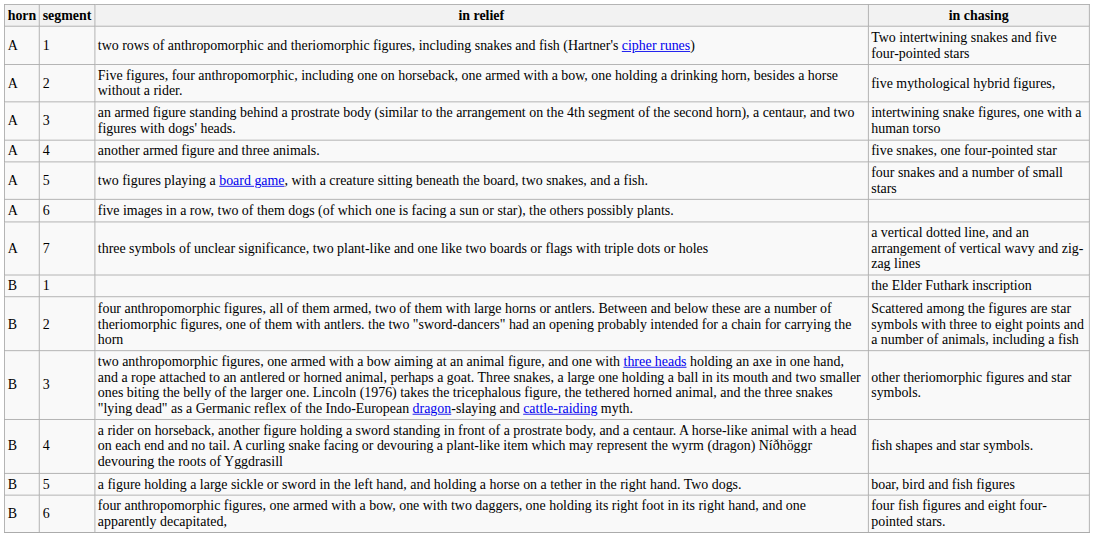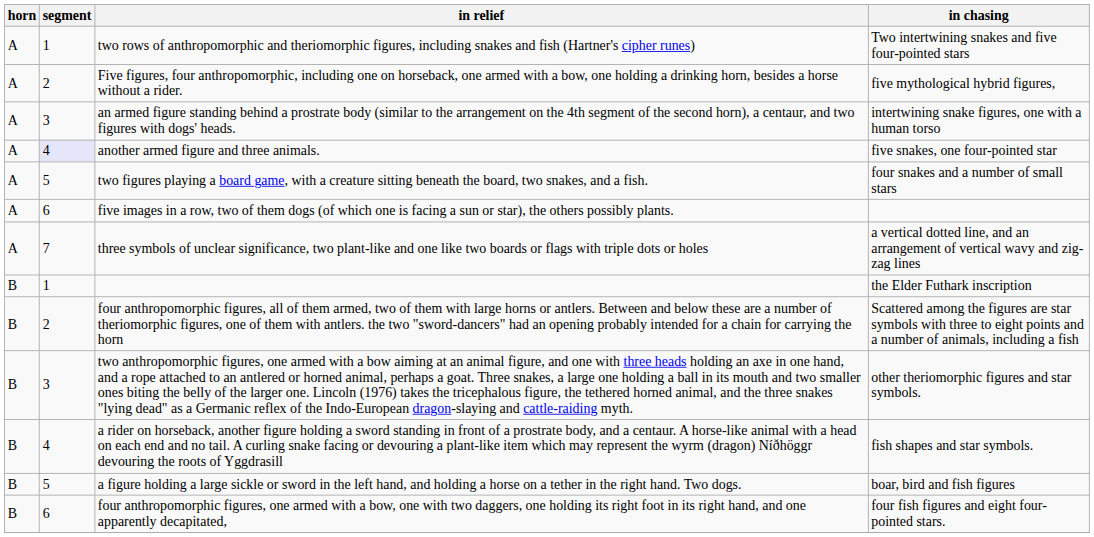 <table class="wikitable">
 <tr>
 <th>horn</th>
 <th>segment</th>
 <th>in relief</th>
 <th>in chasing</th>
 </tr>
 <tr>
 <td>A</td>
 <td>1</td>
 <td>two rows of   anthropomorphic and theriomorphic figures, including snakes and fish (Hartner's <a href='#'>cipher runes</a>)</td>
 <td>Two intertwining snakes and five four-pointed stars</td>
 </tr>
 <tr>
 <td>A</td>
 <td>2</td>
 <td>Five figures, four anthropomorphic, including one on horseback, one armed with a bow, one holding a drinking horn, besides a horse without a rider.</td>
 <td>five mythological hybrid figures,</td>
 </tr>
 <tr>
 <td>A</td>
 <td>3</td>
 <td>an armed figure standing behind a prostrate body (similar to the arrangement on the 4th segment of the second horn), a centaur, and two figures with dogs' heads.</td>
 <td>intertwining snake figures, one with a human torso</td>
 </tr>
 <tr>
 <td>A</td>
-<td>4</td>
+<td style="background: lavender;">4</td>
 <td>another armed figure and three animals.</td>
 <td>five snakes, one four-pointed star</td>
 </tr>
 <tr>
 <td>A</td>
 <td>5</td>
 <td>two figures playing a <a href='#'>board game</a>, with a creature sitting beneath the board,  two snakes, and a fish.</td>
 <td>four snakes and a number of small stars</td>
 </tr>
 <tr>
 <td>A</td>
 <td>6</td>
 <td>five images in a row, two of them dogs (of which one is facing a sun or star), the others possibly plants.</td>
 <td></td>
 </tr>
 <tr>
 <td>A</td>
 <td>7</td>
 <td>three symbols of unclear significance, two plant-like and one like two boards or flags with triple dots or holes</td>
 <td>a vertical dotted line, and an arrangement of vertical wavy and zig-zag lines</td>
 </tr>
 <tr>
 <td>B</td>
 <td>1</td>
 <td></td>
 <td>the Elder Futhark inscription</td>
 </tr>
 <tr>
 <td>B</td>
 <td>2</td>
 <td>four anthropomorphic figures, all of them armed, two of them with large horns or antlers. Between and below these are a number of theriomorphic figures, one of them with antlers. the two "sword-dancers" had an opening probably intended for a chain for carrying the horn</td>
 <td>Scattered among the figures are star symbols with three to eight points and a number of animals, including a fish</td>
 </tr>
 <tr>
 <td>B</td>
 <td>3</td>
 <td>two anthropomorphic figures, one armed with a bow aiming at an animal figure, and one with <a href='#'>three heads</a> holding an axe in one hand, and a rope attached to an antlered or horned animal, perhaps a goat. Three snakes, a large one holding a ball in its mouth and two smaller ones biting the belly of the larger one. Lincoln (1976) takes the tricephalous figure, the tethered horned animal, and the three snakes "lying dead" as a Germanic reflex of the Indo-European <a href='#'>dragon</a>-slaying and <a href='#'>cattle-raiding</a> myth.</td>
 <td>other theriomorphic figures  and star symbols.</td>
 </tr>
 <tr>
 <td>B</td>
 <td>4</td>
 <td>a rider on horseback, another figure holding a sword standing in front of a prostrate body, and a centaur. A horse-like animal with a head on each end and no tail. A curling snake facing or devouring a plant-like item which may represent the wyrm (dragon) Níðhöggr devouring the roots of Yggdrasill</td>
 <td>fish shapes and star symbols.</td>
 </tr>
 <tr>
 <td>B</td>
 <td>5</td>
 <td>a figure holding a large sickle or sword in the left hand, and holding a horse on a tether in the right hand. Two dogs.</td>
 <td>boar, bird and fish figures</td>
 </tr>
 <tr>
 <td>B</td>
 <td>6</td>
 <td>four anthropomorphic figures, one armed with a bow, one with two daggers, one holding its right foot in its right hand, and one apparently decapitated,</td>
 <td>four fish figures and eight four-pointed stars.</td>
 </tr>
 <tr>
 </tr>
 </table>
